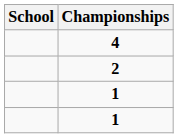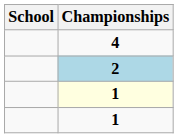 <table class="wikitable sortable" style="text-align:center">
 <tr>
 <th>School</th>
 <th>Championships</th>
 </tr>
 <tr>
 <td><strong><a href='#'></a></strong></td>
 <td><strong>4</strong></td>
 </tr>
 <tr>
 <td><strong><a href='#'></a></strong></td>
-<td><strong>2</strong></td>
+<td style="background: lightblue;"><strong>2</strong></td>
 </tr>
 <tr>
 <td><strong><a href='#'></a></strong></td>
-<td><strong>1</strong></td>
+<td style="background: lightyellow;"><strong>1</strong></td>
 </tr>
 <tr>
 <td><strong><a href='#'></a></strong></td>
 <td><strong>1</strong></td>
 </tr>
 </table>
